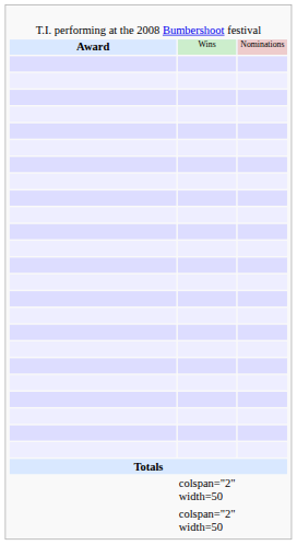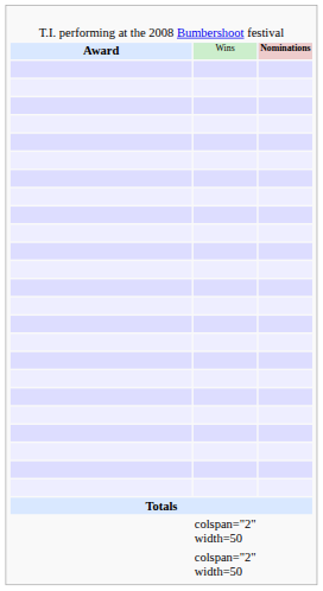 <table class="infobox" style="width: 25em; text-align: left; font-size: 90%; vertical-align: middle;">
 <tr>
 <td colspan="3" style="text-align:center;"><br>T.I. performing at the 2008 <a href='#'>Bumbershoot</a> festival</td>
 </tr>
 <tr bgcolor=#D9E8FF style="text-align:center;">
 <th style="vertical-align: middle;">Award</th>
 <td style="background:#cceecc; font-size:8pt;" width="60px">Wins</td>
-<td style="background:#eecccc; font-size:8pt;" width="60px">Nominations</td>
+<td style="background:#eecccc; font-size:8pt;" width="60px"><strong>Nominations</strong></td>
 </tr>
 <tr bgcolor=#ddddff>
 <td align="center"><br></td>
 <td></td>
 <td></td>
 </tr>
 <tr bgcolor=#eeeeff>
 <td align="center"><br></td>
 <td></td>
 <td></td>
 </tr>
 <tr bgcolor=#ddddff>
 <td align="center"><br></td>
 <td></td>
 <td></td>
 </tr>
 <tr bgcolor=#eeeeff>
 <td align="center"><br></td>
 <td></td>
 <td></td>
 </tr>
 <tr bgcolor=#ddddff>
 <td align="center"><br></td>
 <td></td>
 <td></td>
 </tr>
 <tr bgcolor=#eeeeff>
 <td align="center"><br></td>
 <td></td>
 <td></td>
 </tr>
 <tr bgcolor=#ddddff>
 <td align="center"><br></td>
 <td></td>
 <td></td>
 </tr>
 <tr bgcolor=#eeeeff>
 <td align="center"><br></td>
 <td></td>
 <td></td>
 </tr>
 <tr bgcolor=#ddddff>
 <td align="center"><br></td>
 <td></td>
 <td></td>
 </tr>
 <tr bgcolor=#eeeeff>
 <td align="center"><br></td>
 <td></td>
 <td></td>
 </tr>
 <tr bgcolor=#ddddff>
 <td align="center"><br></td>
 <td></td>
 <td></td>
 </tr>
 <tr bgcolor=#eeeeff>
 <td align="center"><br></td>
 <td></td>
 <td></td>
 </tr>
 <tr bgcolor=#ddddff>
 <td align="center"><br></td>
 <td></td>
 <td></td>
 </tr>
 <tr bgcolor=#eeeeff>
 <td align="center"><br></td>
 <td></td>
 <td></td>
 </tr>
 <tr bgcolor=#ddddff>
 <td align="center"><br></td>
 <td></td>
 <td></td>
 </tr>
 <tr bgcolor=#eeeeff>
 <td align="center"><br></td>
 <td></td>
 <td></td>
 </tr>
 <tr bgcolor=#ddddff>
 <td align="center"><br></td>
 <td></td>
 <td></td>
 </tr>
 <tr bgcolor=#eeeeff>
 <td align="center"><br></td>
 <td></td>
 <td></td>
 </tr>
 <tr bgcolor=#ddddff>
 <td align="center"><br></td>
 <td></td>
 <td></td>
 </tr>
 <tr bgcolor=#eeeeff>
 <td align="center"><br></td>
 <td></td>
 <td></td>
 </tr>
 <tr bgcolor=#ddddff>
 <td align="center"><br></td>
 <td></td>
 <td></td>
 </tr>
 <tr bgcolor=#eeeeff>
 <td align="center"><br></td>
 <td></td>
 <td></td>
 </tr>
 <tr bgcolor=#ddddff>
 <td align="center"><br></td>
 <td></td>
 <td></td>
 </tr>
 <tr bgcolor=#eeeeff>
 <td align="center"><br></td>
 <td></td>
 <td></td>
 </tr>
 <tr bgcolor=#D9E8FF>
 <td colspan="3" style="text-align:center;"><strong>Totals</strong></td>
 </tr>
 <tr>
 <td></td>
 <td>colspan="2" width=50 </td>
 </tr>
 <tr>
 <td></td>
 <td>colspan="2" width=50 </td>
 </tr>
 </table>
